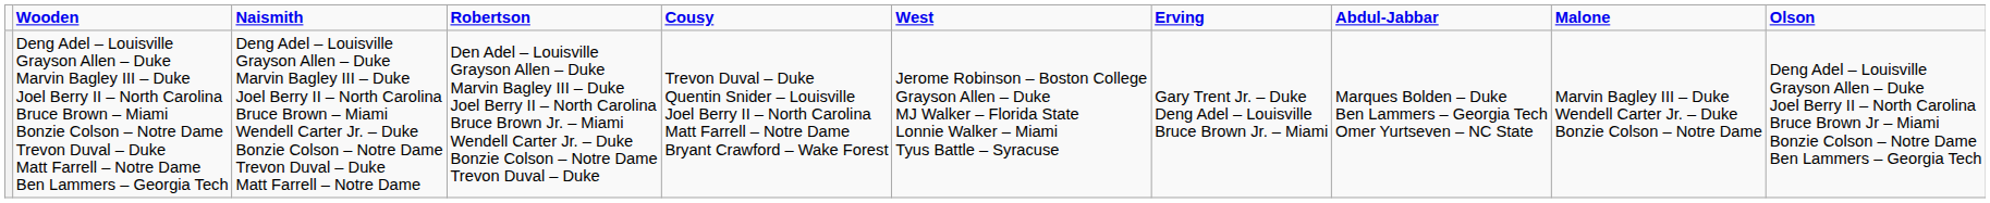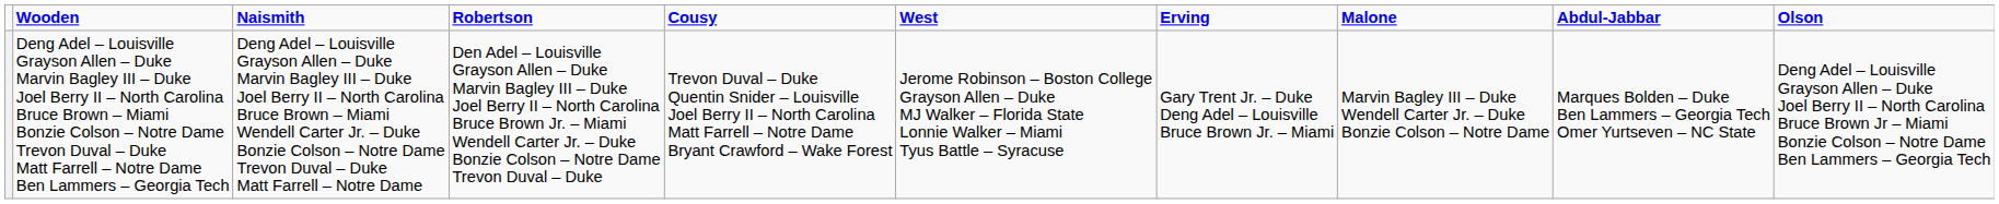 <table class="wikitable" style="white-space:nowrap; font-size:90%;">
 <tr>
 <td></td>
 <td><strong><a href='#'>Wooden</a></strong></td>
 <td><strong><a href='#'>Naismith</a></strong></td>
 <td><strong><a href='#'>Robertson</a></strong></td>
 <td><strong><a href='#'>Cousy</a></strong></td>
 <td><strong><a href='#'>West</a></strong></td>
 <td><strong><a href='#'>Erving</a></strong></td>
+<td><strong><a href='#'>Malone</a></strong></td>
 <td><strong><a href='#'>Abdul-Jabbar</a></strong></td>
-<td><strong><a href='#'>Malone</a></strong></td>
 <td><strong><a href='#'>Olson</a></strong></td>
 </tr>
 <tr>
 <th></th>
 <td>Deng Adel – Louisville <br> Grayson Allen – Duke <br> Marvin Bagley III – Duke <br> Joel Berry II – North Carolina <br> Bruce Brown – Miami <br> Bonzie Colson – Notre Dame <br> Trevon Duval – Duke <br> Matt Farrell – Notre Dame <br> Ben Lammers – Georgia Tech <br></td>
 <td>Deng Adel – Louisville <br> Grayson Allen – Duke <br> Marvin Bagley III – Duke <br> Joel Berry II – North Carolina <br> Bruce Brown – Miami <br> Wendell Carter Jr. – Duke<br> Bonzie Colson – Notre Dame <br> Trevon Duval – Duke <br> Matt Farrell – Notre Dame</td>
 <td>Den Adel – Louisville <br> Grayson Allen – Duke <br> Marvin Bagley III – Duke <br> Joel Berry II – North Carolina <br> Bruce Brown Jr. – Miami <br> Wendell Carter Jr. – Duke <br> Bonzie Colson – Notre Dame <br> Trevon Duval – Duke</td>
 <td>Trevon Duval – Duke <br> Quentin Snider – Louisville <br> Joel Berry II – North Carolina <br> Matt Farrell – Notre Dame <br> Bryant Crawford – Wake Forest</td>
 <td>Jerome Robinson – Boston College <br> Grayson Allen – Duke <br> MJ Walker – Florida State <br> Lonnie Walker – Miami <br> Tyus Battle – Syracuse</td>
 <td>Gary Trent Jr. – Duke <br> Deng Adel – Louisville <br> Bruce Brown Jr. – Miami <br></td>
+<td>Marvin Bagley III – Duke <br> Wendell Carter Jr. – Duke <br> Bonzie Colson – Notre Dame</td>
 <td>Marques Bolden – Duke <br> Ben Lammers – Georgia Tech <br> Omer Yurtseven – NC State <br></td>
-<td>Marvin Bagley III – Duke <br> Wendell Carter Jr. – Duke <br> Bonzie Colson – Notre Dame</td>
 <td>Deng Adel – Louisville <br> Grayson Allen – Duke <br> Joel Berry II – North Carolina <br> Bruce Brown Jr – Miami <br> Bonzie Colson – Notre Dame <br> Ben Lammers – Georgia Tech</td>
 </tr>
 </table>
